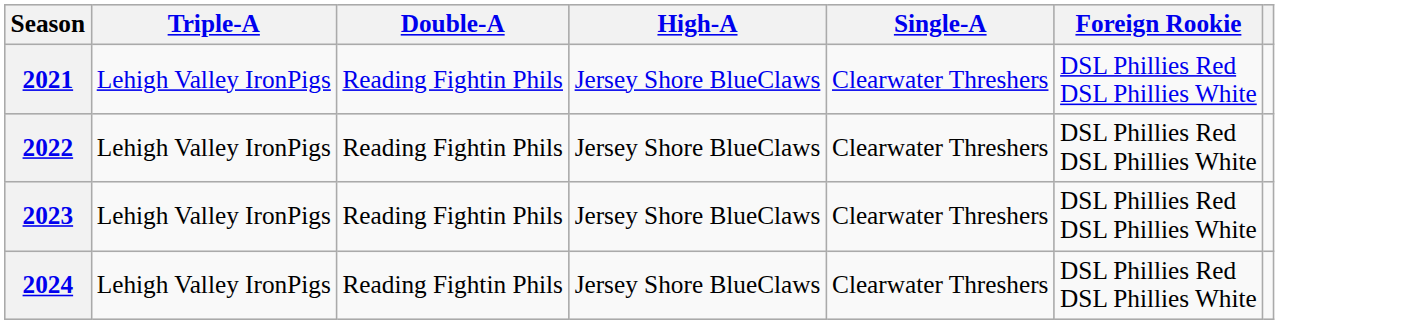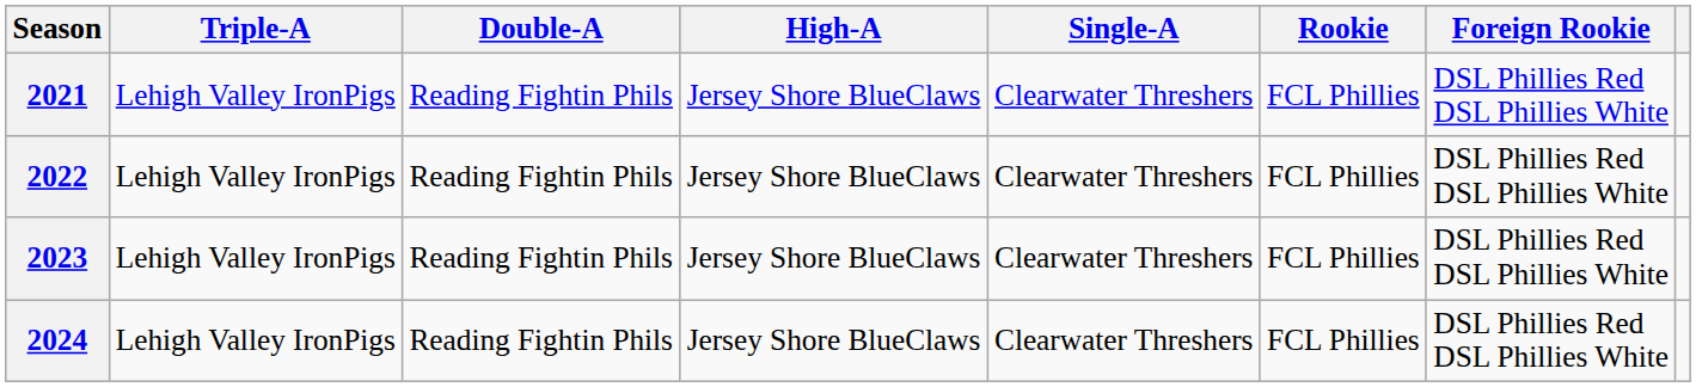 <table class="wikitable plainrowheaders">
 <tr>
 <th scope="col">Season</th>
 <th scope="col"><a href='#'><span>Triple-A</span></a></th>
 <th scope="col"><a href='#'><span>Double-A</span></a></th>
 <th scope="col"><a href='#'><span>High-A</span></a></th>
 <th scope="col"><a href='#'><span>Single-A</span></a></th>
+<th scope="col"><a href='#'><span>Rookie</span></a></th>
 <th scope="col"><a href='#'><span>Foreign Rookie</span></a></th>
 <th scope="col"></th>
 </tr>
 <tr>
 <th scope="row" style="text-align:center"><a href='#'>2021</a></th>
 <td><a href='#'>Lehigh Valley IronPigs</a></td>
 <td><a href='#'>Reading Fightin Phils</a></td>
 <td><a href='#'>Jersey Shore BlueClaws</a></td>
 <td><a href='#'>Clearwater Threshers</a></td>
+<td><a href='#'>FCL Phillies</a></td>
 <td><a href='#'>DSL Phillies Red</a><br><a href='#'>DSL Phillies White</a></td>
 <td align="center"></td>
 </tr>
 <tr>
 <th scope="row" style="text-align:center"><a href='#'>2022</a></th>
 <td>Lehigh Valley IronPigs</td>
 <td>Reading Fightin Phils</td>
 <td>Jersey Shore BlueClaws</td>
 <td>Clearwater Threshers</td>
+<td>FCL Phillies</td>
 <td>DSL Phillies Red<br>DSL Phillies White</td>
 <td align="center"></td>
 </tr>
 <tr>
 <th scope="row" style="text-align:center"><a href='#'>2023</a></th>
 <td>Lehigh Valley IronPigs</td>
 <td>Reading Fightin Phils</td>
 <td>Jersey Shore BlueClaws</td>
 <td>Clearwater Threshers</td>
+<td>FCL Phillies</td>
 <td>DSL Phillies Red<br>DSL Phillies White</td>
 <td align="center"></td>
 </tr>
 <tr>
 <th scope="row" style="text-align:center"><a href='#'>2024</a></th>
 <td>Lehigh Valley IronPigs</td>
 <td>Reading Fightin Phils</td>
 <td>Jersey Shore BlueClaws</td>
 <td>Clearwater Threshers</td>
+<td>FCL Phillies</td>
 <td>DSL Phillies Red<br>DSL Phillies White</td>
 <td align="center"></td>
 </tr>
 </table>
